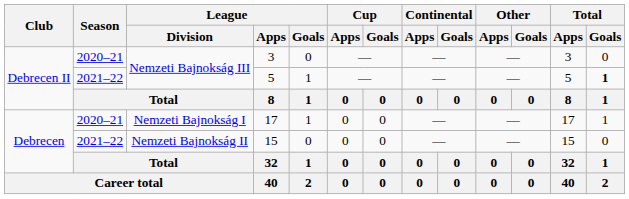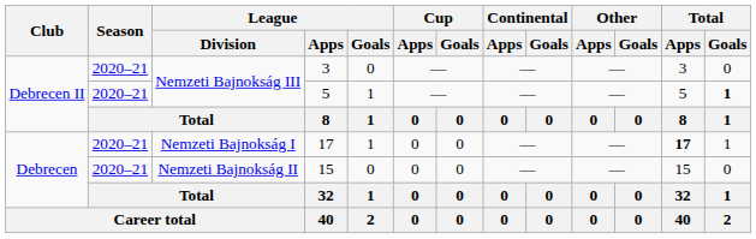 <table class="wikitable" style="text-align:center">
 <tr>
 <th rowspan="2">Club</th>
 <th rowspan="2">Season</th>
 <th colspan="3">League</th>
 <th colspan="2">Cup</th>
 <th colspan="2">Continental</th>
 <th colspan="2">Other</th>
 <th colspan="2">Total</th>
 </tr>
 <tr>
 <th>Division</th>
 <th>Apps</th>
 <th>Goals</th>
 <th>Apps</th>
 <th>Goals</th>
 <th>Apps</th>
 <th>Goals</th>
 <th>Apps</th>
 <th>Goals</th>
 <th>Apps</th>
 <th>Goals</th>
 </tr>
 <tr>
 <td rowspan="3"><a href='#'>Debrecen II</a></td>
 <td><a href='#'>2020–21</a></td>
 <td rowspan="2"><a href='#'>Nemzeti Bajnokság III</a></td>
 <td>3</td>
 <td>0</td>
 <td colspan="2">—</td>
 <td colspan="2">—</td>
 <td colspan="2">—</td>
 <td>3</td>
 <td>0</td>
 </tr>
 <tr>
-<td><a href='#'>2021–22</a></td>
+<td><a href='#'>2020–21</a></td>
 <td>5</td>
 <td>1</td>
 <td colspan="2">—</td>
 <td colspan="2">—</td>
 <td colspan="2">—</td>
 <td>5</td>
 <td><strong>1</strong></td>
 </tr>
 <tr>
 <th colspan="2">Total</th>
 <th>8</th>
 <th>1</th>
 <th>0</th>
 <th>0</th>
 <th>0</th>
 <th>0</th>
 <th>0</th>
 <th>0</th>
 <th>8</th>
 <th>1</th>
 </tr>
 <tr>
 <td rowspan="3"><a href='#'>Debrecen</a></td>
 <td><a href='#'>2020–21</a></td>
 <td><a href='#'>Nemzeti Bajnokság I</a></td>
 <td>17</td>
 <td>1</td>
 <td>0</td>
 <td>0</td>
 <td colspan="2">—</td>
 <td colspan="2">—</td>
-<td>17</td>
+<td><strong>17</strong></td>
 <td>1</td>
 </tr>
 <tr>
-<td><a href='#'>2021–22</a></td>
+<td><a href='#'>2020–21</a></td>
 <td><a href='#'>Nemzeti Bajnokság II</a></td>
 <td>15</td>
 <td>0</td>
 <td>0</td>
 <td>0</td>
 <td colspan="2">—</td>
 <td colspan="2">—</td>
 <td>15</td>
 <td>0</td>
 </tr>
 <tr>
 <th colspan="2">Total</th>
 <th>32</th>
 <th>1</th>
 <th>0</th>
 <th>0</th>
 <th>0</th>
 <th>0</th>
 <th>0</th>
 <th>0</th>
 <th>32</th>
 <th>1</th>
 </tr>
 <tr>
 <th colspan="3">Career total</th>
 <th>40</th>
 <th>2</th>
 <th>0</th>
 <th>0</th>
 <th>0</th>
 <th>0</th>
 <th>0</th>
 <th>0</th>
 <th>40</th>
 <th>2</th>
 </tr>
 </table>
